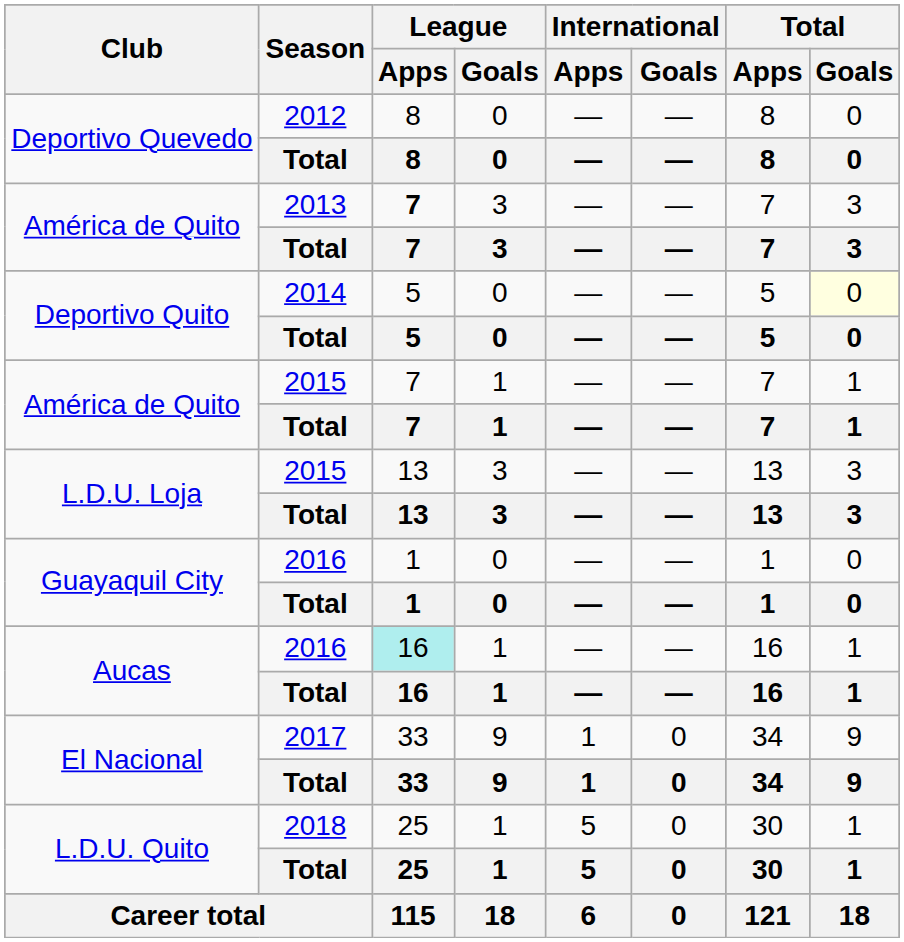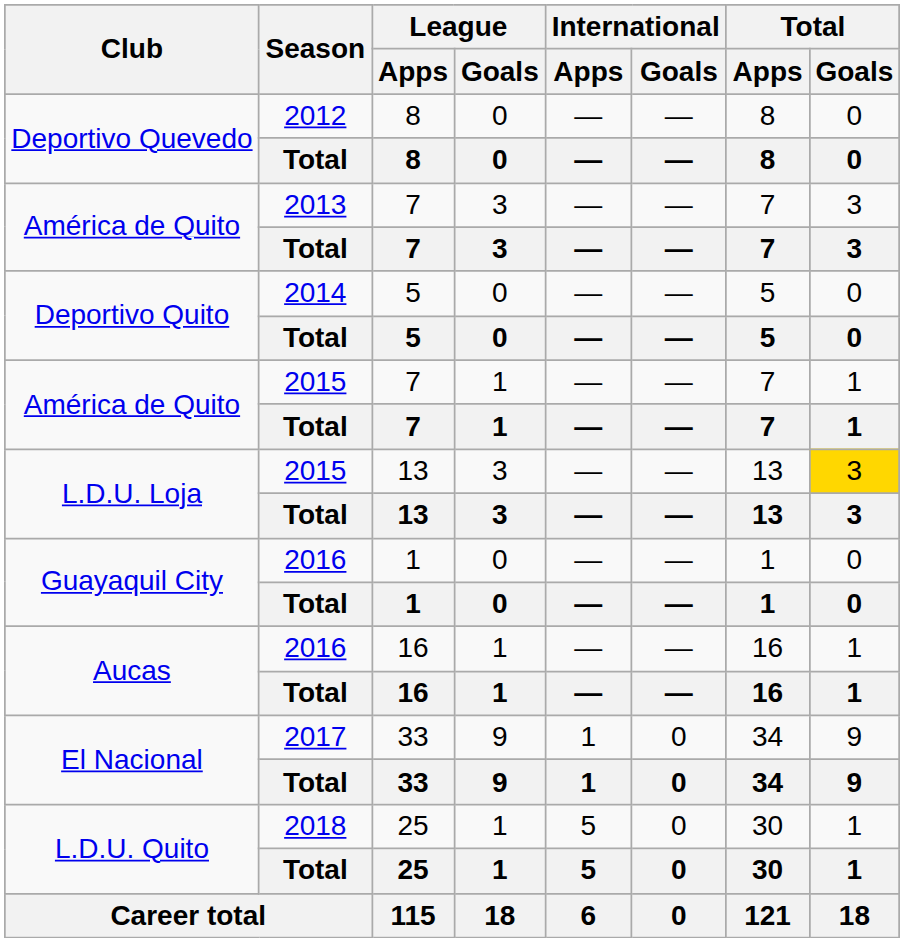 <table class="wikitable" style="text-align: center;">
 <tr>
 <th rowspan="2">Club</th>
 <th rowspan="2">Season</th>
 <th colspan="2">League</th>
 <th colspan="2">International</th>
 <th colspan="2">Total</th>
 </tr>
 <tr>
 <th>Apps</th>
 <th>Goals</th>
 <th>Apps</th>
 <th>Goals</th>
 <th>Apps</th>
 <th>Goals</th>
 </tr>
 <tr>
 <td rowspan="2"><a href='#'>Deportivo Quevedo</a></td>
 <td><a href='#'>2012</a></td>
 <td>8</td>
 <td>0</td>
 <td>—</td>
 <td>—</td>
 <td>8</td>
 <td>0</td>
 </tr>
 <tr>
 <th>Total</th>
 <th>8</th>
 <th>0</th>
 <th>—</th>
 <th>—</th>
 <th>8</th>
 <th>0</th>
 </tr>
 <tr>
 <td rowspan="2"><a href='#'>América de Quito</a></td>
 <td><a href='#'>2013</a></td>
-<td><strong>7</strong></td>
+<td>7</td>
 <td>3</td>
 <td>—</td>
 <td>—</td>
 <td>7</td>
 <td>3</td>
 </tr>
 <tr>
 <th>Total</th>
 <th>7</th>
 <th>3</th>
 <th>—</th>
 <th>—</th>
 <th>7</th>
 <th>3</th>
 </tr>
 <tr>
 <td rowspan="2"><a href='#'>Deportivo Quito</a></td>
 <td><a href='#'>2014</a></td>
 <td>5</td>
 <td>0</td>
 <td>—</td>
 <td>—</td>
 <td>5</td>
-<td style="background: lightyellow;">0</td>
+<td>0</td>
 </tr>
 <tr>
 <th>Total</th>
 <th>5</th>
 <th>0</th>
 <th>—</th>
 <th>—</th>
 <th>5</th>
 <th>0</th>
 </tr>
 <tr>
 <td rowspan="2"><a href='#'>América de Quito</a></td>
 <td><a href='#'>2015</a></td>
 <td>7</td>
 <td>1</td>
 <td>—</td>
 <td>—</td>
 <td>7</td>
 <td>1</td>
 </tr>
 <tr>
 <th>Total</th>
 <th>7</th>
 <th>1</th>
 <th>—</th>
 <th>—</th>
 <th>7</th>
 <th>1</th>
 </tr>
 <tr>
 <td rowspan="2"><a href='#'>L.D.U. Loja</a></td>
 <td><a href='#'>2015</a></td>
 <td>13</td>
 <td>3</td>
 <td>—</td>
 <td>—</td>
 <td>13</td>
-<td>3</td>
+<td style="background: gold;">3</td>
 </tr>
 <tr>
 <th>Total</th>
 <th>13</th>
 <th>3</th>
 <th>—</th>
 <th>—</th>
 <th>13</th>
 <th>3</th>
 </tr>
 <tr>
 <td rowspan="2"><a href='#'>Guayaquil City</a></td>
 <td><a href='#'>2016</a></td>
 <td>1</td>
 <td>0</td>
 <td>—</td>
 <td>—</td>
 <td>1</td>
 <td>0</td>
 </tr>
 <tr>
 <th>Total</th>
 <th>1</th>
 <th>0</th>
 <th>—</th>
 <th>—</th>
 <th>1</th>
 <th>0</th>
 </tr>
 <tr>
 <td rowspan="2"><a href='#'>Aucas</a></td>
 <td><a href='#'>2016</a></td>
-<td style="background: paleturquoise;">16</td>
+<td>16</td>
 <td>1</td>
 <td>—</td>
 <td>—</td>
 <td>16</td>
 <td>1</td>
 </tr>
 <tr>
 <th>Total</th>
 <th>16</th>
 <th>1</th>
 <th>—</th>
 <th>—</th>
 <th>16</th>
 <th>1</th>
 </tr>
 <tr>
 <td rowspan="2"><a href='#'>El Nacional</a></td>
 <td><a href='#'>2017</a></td>
 <td>33</td>
 <td>9</td>
 <td>1</td>
 <td>0</td>
 <td>34</td>
 <td>9</td>
 </tr>
 <tr>
 <th>Total</th>
 <th>33</th>
 <th>9</th>
 <th>1</th>
 <th>0</th>
 <th>34</th>
 <th>9</th>
 </tr>
 <tr>
 <td rowspan="2"><a href='#'>L.D.U. Quito</a></td>
 <td><a href='#'>2018</a></td>
 <td>25</td>
 <td>1</td>
 <td>5</td>
 <td>0</td>
 <td>30</td>
 <td>1</td>
 </tr>
 <tr>
 <th>Total</th>
 <th>25</th>
 <th>1</th>
 <th>5</th>
 <th>0</th>
 <th>30</th>
 <th>1</th>
 </tr>
 <tr>
 <th colspan="2">Career total</th>
 <th>115</th>
 <th>18</th>
 <th>6</th>
 <th>0</th>
 <th>121</th>
 <th>18</th>
 </tr>
 </table>
